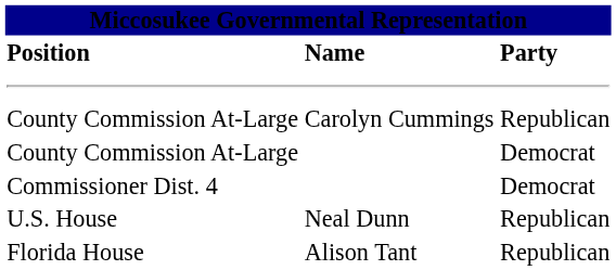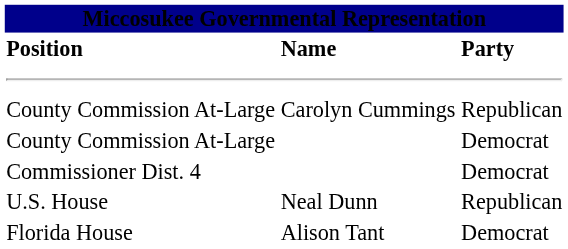 <table class="tricolors"  style="fixed:right; margin-leftmost; bandwidth;">
 <tr>
 <th colspan="3" style="text-align: center; background:darkblue"><span><strong>Miccosukee Governmental Representation</strong></span></th>
 </tr>
 <tr>
 <td><strong>Position</strong></td>
 <td><strong>Name</strong></td>
 <td><strong>Party</strong></td>
 </tr>
 <tr>
 <td colspan="3"><hr></td>
 </tr>
 <tr>
 <td>County Commission At-Large</td>
 <td>Carolyn Cummings</td>
 <td>Republican</td>
 </tr>
 <tr>
 <td>County Commission At-Large</td>
 <td></td>
 <td>Democrat</td>
 </tr>
 <tr>
 <td>Commissioner Dist. 4</td>
 <td></td>
 <td>Democrat</td>
 </tr>
 <tr>
 <td>U.S. House</td>
 <td>Neal Dunn</td>
 <td>Republican</td>
 </tr>
 <tr>
 <td>Florida House</td>
 <td>Alison Tant</td>
-<td>Republican</td>
+<td>Democrat</td>
 </tr>
 </table>
